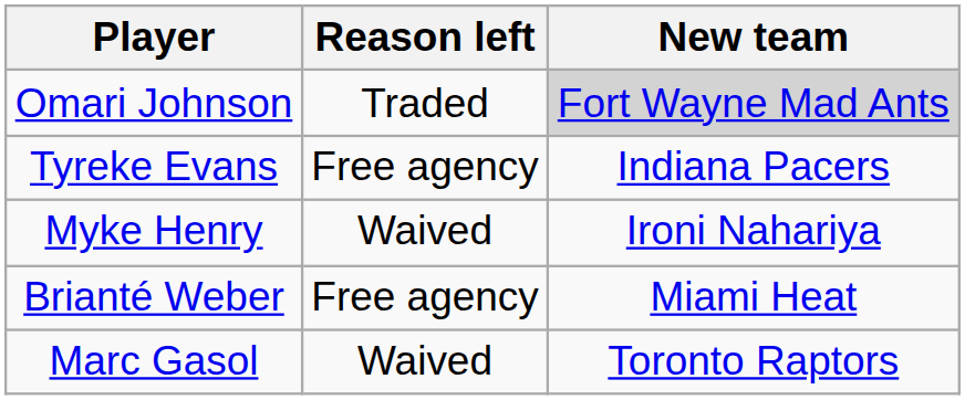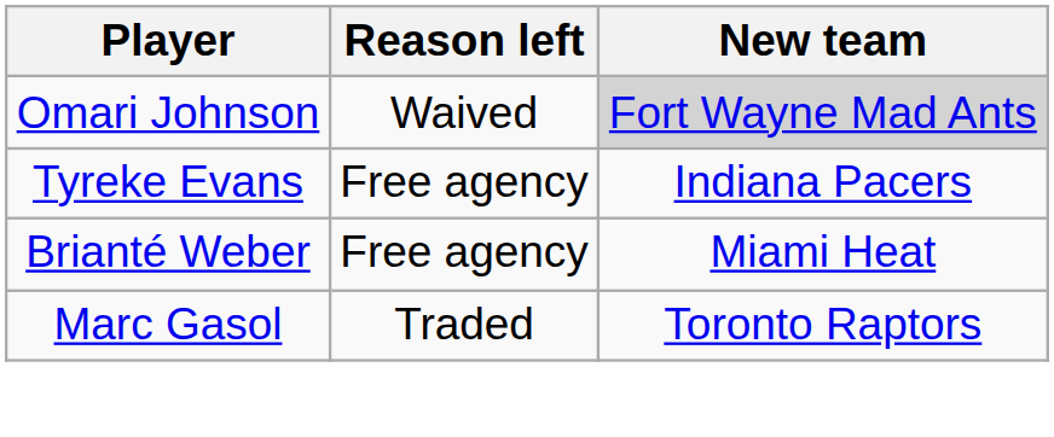 <table class="wikitable sortable sortable" style="text-align: center">
 <tr>
 <th>Player</th>
 <th>Reason left</th>
 <th>New team</th>
 </tr>
 <tr style="text-align: center">
 <td><a href='#'>Omari Johnson</a></td>
-<td>Traded</td>
+<td>Waived</td>
 <td style="background: lightgrey;"><a href='#'>Fort Wayne Mad Ants</a></td>
 </tr>
 <tr>
 <td><a href='#'>Tyreke Evans</a></td>
 <td>Free agency</td>
 <td><a href='#'>Indiana Pacers</a></td>
 </tr>
 <tr style="text-align: center">
-<td><a href='#'>Myke Henry</a></td>
-<td>Waived</td>
-<td> <a href='#'>Ironi Nahariya</a></td>
-</tr>
-<tr style="text-align: center">
 <td><a href='#'>Brianté Weber</a></td>
 <td>Free agency</td>
 <td><a href='#'>Miami Heat</a></td>
 </tr>
 <tr>
 <td><a href='#'>Marc Gasol</a></td>
-<td>Waived</td>
+<td>Traded</td>
 <td><a href='#'>Toronto Raptors</a></td>
 </tr>
 </table>
